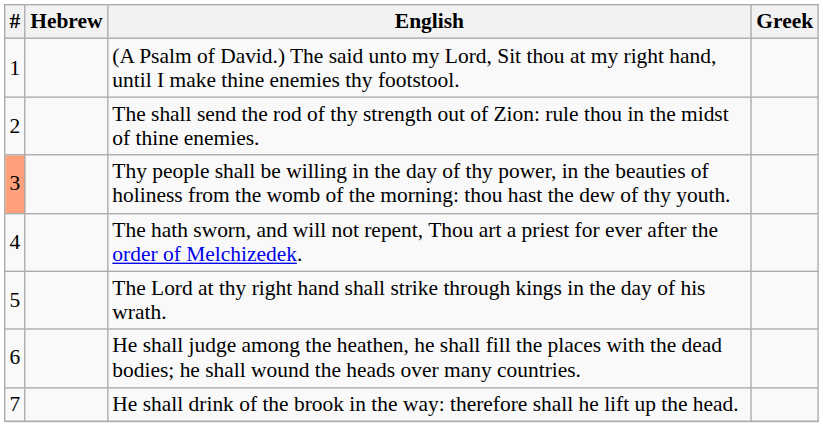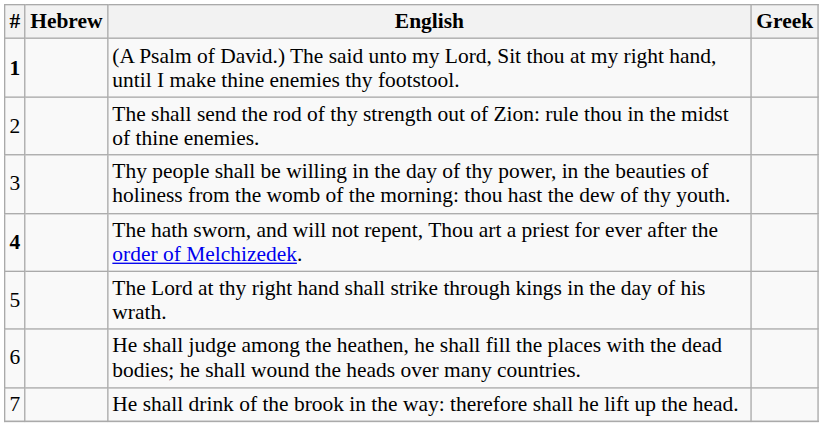 <table class=wikitable>
 <tr>
 <th>#</th>
 <th>Hebrew</th>
 <th>English</th>
 <th>Greek</th>
 </tr>
 <tr>
-<td style="text-align:right">1</td>
+<td style="text-align:right"><strong>1</strong></td>
 <td style="text-align:right"></td>
 <td>(A Psalm of David.) The  said unto my Lord, Sit thou at my right hand, until I make thine enemies thy footstool.</td>
 <td></td>
 </tr>
 <tr>
 <td style="text-align:right">2</td>
 <td style="text-align:right"></td>
 <td>The  shall send the rod of thy strength out of Zion: rule thou in the midst of thine enemies.</td>
 <td></td>
 </tr>
 <tr>
-<td style="background: lightsalmon; text-align:right">3</td>
+<td style="text-align:right">3</td>
 <td style="text-align:right"></td>
 <td>Thy people shall be willing in the day of thy power, in the beauties of holiness from the womb of the morning: thou hast the dew of thy youth.</td>
 <td></td>
 </tr>
 <tr>
-<td style="text-align:right">4</td>
+<td style="text-align:right"><strong>4</strong></td>
 <td style="text-align:right"></td>
 <td>The  hath sworn, and will not repent, Thou art a priest for ever after the <a href='#'>order of Melchizedek</a>.</td>
 <td></td>
 </tr>
 <tr>
 <td style="text-align:right">5</td>
 <td style="text-align:right"></td>
 <td>The Lord at thy right hand shall strike through kings in the day of his wrath.</td>
 <td></td>
 </tr>
 <tr>
 <td style="text-align:right">6</td>
 <td style="text-align:right"></td>
 <td>He shall judge among the heathen, he shall fill the places with the dead bodies; he shall wound the heads over many countries.</td>
 <td></td>
 </tr>
 <tr>
 <td style="text-align:right">7</td>
 <td style="text-align:right"></td>
 <td>He shall drink of the brook in the way: therefore shall he lift up the head.</td>
 <td></td>
 </tr>
 <tr>
 </tr>
 </table>
